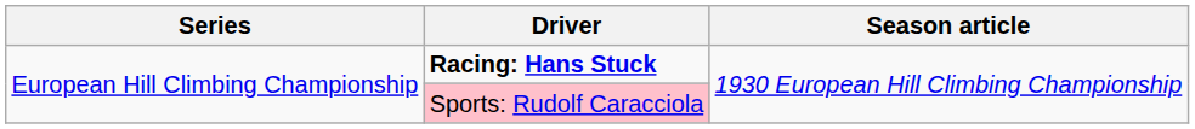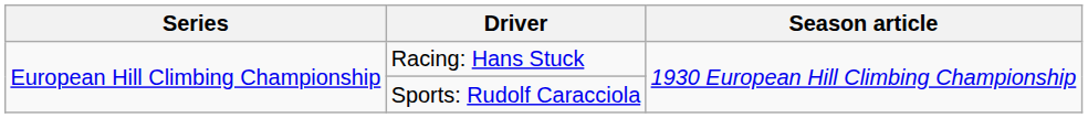 <table class="wikitable" style="font-size: 87%;">
 <tr>
 <th>Series</th>
 <th>Driver</th>
 <th>Season article</th>
 </tr>
 <tr>
 <td rowspan="2"><a href='#'>European Hill Climbing Championship</a></td>
-<td><strong>Racing:  <a href='#'>Hans Stuck</a></strong></td>
+<td>Racing:  <a href='#'>Hans Stuck</a></td>
 <td rowspan="2"><em><a href='#'>1930 European Hill Climbing Championship</a></em></td>
 </tr>
 <tr>
-<td style="background: pink;">Sports:  <a href='#'>Rudolf Caracciola</a></td>
+<td>Sports:  <a href='#'>Rudolf Caracciola</a></td>
 </tr>
 </table>
